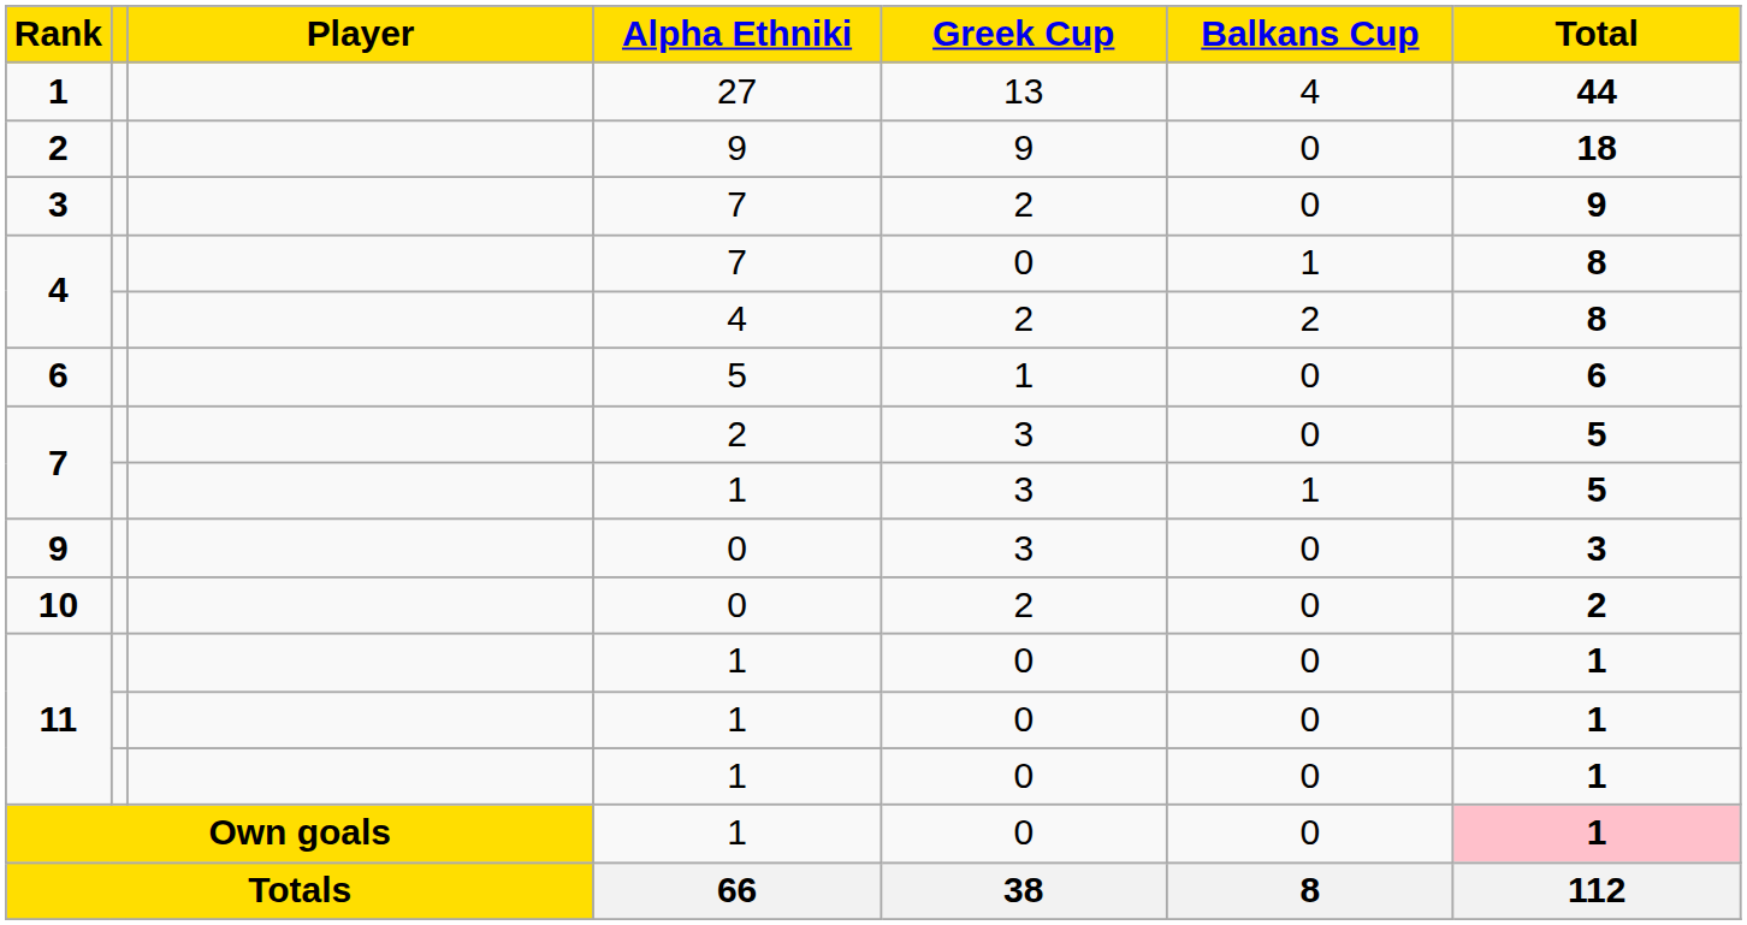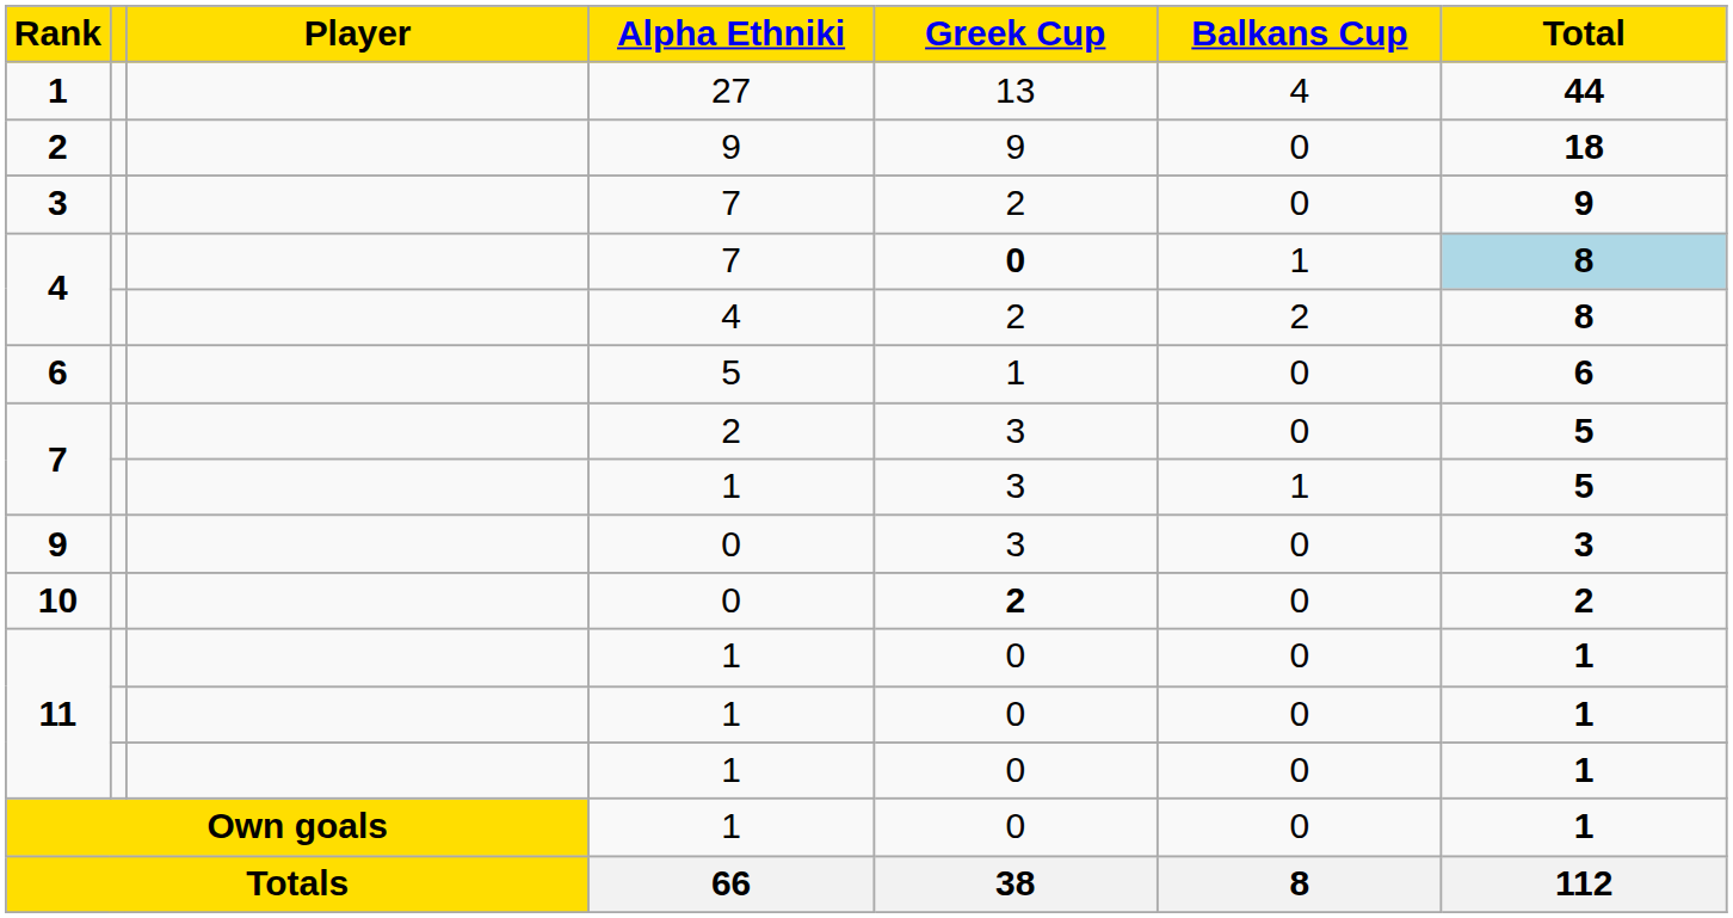 <table class="wikitable sortable" style="text-align: center">
 <tr>
 <th style="background:#FFDE00">Rank</th>
 <th style="background:#FFDE00"></th>
 <th width=200 style="background:#FFDE00">Player</th>
 <th width=120 style="background:#FFDE00"><a href='#'>Alpha Ethniki</a></th>
 <th width=120 style="background:#FFDE00"><a href='#'>Greek Cup</a></th>
 <th width=120 style="background:#FFDE00"><a href='#'>Balkans Cup</a></th>
 <th width=120 style="background:#FFDE00">Total</th>
 </tr>
 <tr>
 <td><strong>1</strong></td>
 <td></td>
 <td align=left></td>
 <td>27</td>
 <td>13</td>
 <td>4</td>
 <td><strong>44</strong></td>
 </tr>
 <tr>
 <td><strong>2</strong></td>
 <td></td>
 <td align=left></td>
 <td>9</td>
 <td>9</td>
 <td>0</td>
 <td><strong>18</strong></td>
 </tr>
 <tr>
 <td><strong>3</strong></td>
 <td></td>
 <td align=left></td>
 <td>7</td>
 <td>2</td>
 <td>0</td>
 <td><strong>9</strong></td>
 </tr>
 <tr>
 <td rowspan=2><strong>4</strong></td>
 <td></td>
 <td align=left></td>
 <td>7</td>
-<td>0</td>
+<td><strong>0</strong></td>
 <td>1</td>
-<td><strong>8</strong></td>
+<td style="background: lightblue;"><strong>8</strong></td>
 </tr>
 <tr>
 <td></td>
 <td align=left></td>
 <td>4</td>
 <td>2</td>
 <td>2</td>
 <td><strong>8</strong></td>
 </tr>
 <tr>
 <td><strong>6</strong></td>
 <td></td>
 <td align=left></td>
 <td>5</td>
 <td>1</td>
 <td>0</td>
 <td><strong>6</strong></td>
 </tr>
 <tr>
 <td rowspan=2><strong>7</strong></td>
 <td></td>
 <td align=left></td>
 <td>2</td>
 <td>3</td>
 <td>0</td>
 <td><strong>5</strong></td>
 </tr>
 <tr>
 <td></td>
 <td align=left></td>
 <td>1</td>
 <td>3</td>
 <td>1</td>
 <td><strong>5</strong></td>
 </tr>
 <tr>
 <td><strong>9</strong></td>
 <td></td>
 <td align=left></td>
 <td>0</td>
 <td>3</td>
 <td>0</td>
 <td><strong>3</strong></td>
 </tr>
 <tr>
 <td><strong>10</strong></td>
 <td></td>
 <td align=left></td>
 <td>0</td>
-<td>2</td>
+<td><strong>2</strong></td>
 <td>0</td>
 <td><strong>2</strong></td>
 </tr>
 <tr>
 <td rowspan=3><strong>11</strong></td>
 <td></td>
 <td align=left></td>
 <td>1</td>
 <td>0</td>
 <td>0</td>
 <td><strong>1</strong></td>
 </tr>
 <tr>
 <td></td>
 <td align=left></td>
 <td>1</td>
 <td>0</td>
 <td>0</td>
 <td><strong>1</strong></td>
 </tr>
 <tr>
 <td></td>
 <td align=left></td>
 <td>1</td>
 <td>0</td>
 <td>0</td>
 <td><strong>1</strong></td>
 </tr>
 <tr class="sortbottom">
 <td colspan=3 style="background:#FFDE00"><strong>Own goals</strong></td>
 <td>1</td>
 <td>0</td>
 <td>0</td>
-<td style="background: pink;"><strong>1</strong></td>
+<td><strong>1</strong></td>
 </tr>
 <tr class="sortbottom">
 <th colspan=3 style="background:#FFDE00"><strong>Totals</strong></th>
 <th><strong> 66</strong></th>
 <th><strong> 38</strong></th>
 <th><strong>  8</strong></th>
 <th><strong>112</strong></th>
 </tr>
 </table>
